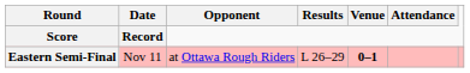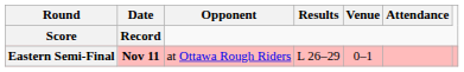 <table class="wikitable" style="text-align:center">
 <tr>
 <th>Round</th>
 <th>Date</th>
 <th>Opponent</th>
 <th>Results</th>
 <th>Venue</th>
 <th>Attendance</th>
 </tr>
 <tr>
 <th>Score</th>
 <th>Record</th>
 </tr>
 <tr style="background:#ffbbbb">
 <th>Eastern Semi-Final</th>
-<td>Nov 11</td>
+<td><strong>Nov 11</strong></td>
 <td>at <a href='#'>Ottawa Rough Riders</a></td>
 <td>L 26–29</td>
-<td><strong>0–1</strong></td>
+<td>0–1</td>
 <td></td>
 <td></td>
 </tr>
 </table>
